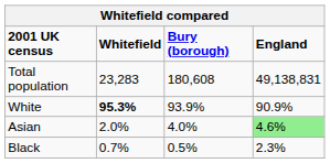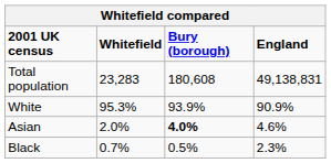 <table class="wikitable" style="float: right; margin-left: 2em; width: 40%; font-size: 90%;" cellspacing="3">
 <tr>
 <th colspan="4"><strong>Whitefield compared</strong></th>
 </tr>
 <tr>
 <td><strong>2001 UK census</strong></td>
 <td><strong>Whitefield</strong></td>
 <td><strong><a href='#'>Bury (borough)</a></strong></td>
 <td><strong>England</strong></td>
 </tr>
 <tr>
 <td>Total population</td>
 <td>23,283</td>
 <td>180,608</td>
 <td>49,138,831</td>
 </tr>
 <tr>
 <td>White</td>
-<td><strong>95.3%</strong></td>
+<td>95.3%</td>
 <td>93.9%</td>
 <td>90.9%</td>
 </tr>
 <tr>
 <td>Asian</td>
 <td>2.0%</td>
-<td>4.0%</td>
-<td style="background: lightgreen;">4.6%</td>
+<td><strong>4.0%</strong></td>
+<td>4.6%</td>
 </tr>
 <tr>
 <td>Black</td>
 <td>0.7%</td>
 <td>0.5%</td>
 <td>2.3%</td>
 </tr>
 </table>
